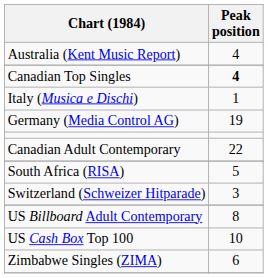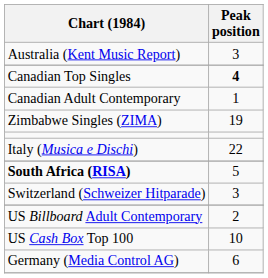 <table class="wikitable sortable">
 <tr>
 <th scope="col">Chart (1984)</th>
 <th scope="col">Peak<br>position</th>
 </tr>
 <tr>
 <td>Australia (<a href='#'>Kent Music Report</a>)</td>
-<td style="text-align:center;">4</td>
+<td style="text-align:center;">3</td>
 </tr>
 <tr>
 </tr>
 <tr>
 <td>Canadian Top Singles</td>
 <td style="text-align:center;"><strong>4</strong></td>
 </tr>
 <tr>
-<td>Italy (<em><a href='#'>Musica e Dischi</a></em>)</td>
+<td>Canadian Adult Contemporary</td>
 <td style="text-align:center;">1</td>
 </tr>
 <tr>
-<td>Germany (<a href='#'>Media Control AG</a>)</td>
+<td>Zimbabwe Singles (<a href='#'>ZIMA</a>)</td>
 <td style="text-align:center;">19</td>
 </tr>
 <tr>
 <td></td>
 </tr>
 <tr>
-<td>Canadian Adult Contemporary</td>
+<td>Italy (<em><a href='#'>Musica e Dischi</a></em>)</td>
 <td style="text-align:center;">22</td>
 </tr>
 <tr>
 </tr>
 <tr>
-<td>South Africa (<a href='#'>RISA</a>)</td>
+<td><strong>South Africa (<a href='#'>RISA</a>)</strong></td>
 <td style="text-align:center;">5</td>
 </tr>
 <tr>
 <td>Switzerland (<a href='#'>Schweizer Hitparade</a>)</td>
 <td style="text-align:center;">3</td>
 </tr>
 <tr>
 </tr>
 <tr>
 </tr>
 <tr>
 <td>US <em>Billboard</em> <a href='#'>Adult Contemporary</a></td>
-<td align="center">8</td>
+<td align="center">2</td>
 </tr>
 <tr>
 <td>US <a href='#'><em>Cash Box</em></a> Top 100</td>
 <td align="center">10</td>
 </tr>
 <tr>
-<td>Zimbabwe Singles (<a href='#'>ZIMA</a>)</td>
+<td>Germany (<a href='#'>Media Control AG</a>)</td>
 <td align="center">6</td>
 </tr>
 <tr>
 </tr>
 </table>
